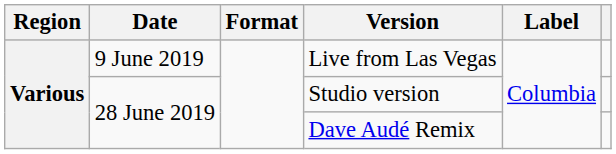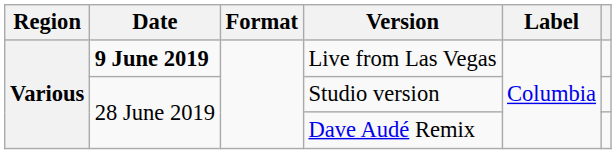 <table class="wikitable plainrowheaders">
 <tr>
 <th scope="col">Region</th>
 <th scope="col">Date</th>
 <th scope="col">Format</th>
 <th Scope="col">Version</th>
 <th scope="col">Label</th>
 <th scope="col"></th>
 </tr>
 <tr>
 <th scope="row" rowspan="3">Various</th>
-<td>9 June 2019</td>
+<td><strong>9 June 2019</strong></td>
 <td rowspan="3"></td>
 <td>Live from Las Vegas</td>
 <td rowspan="3"><a href='#'>Columbia</a></td>
 <td></td>
 </tr>
 <tr>
 <td rowspan="2">28 June 2019</td>
 <td>Studio version</td>
 <td></td>
 </tr>
 <tr>
 <td><a href='#'>Dave Audé</a> Remix</td>
 <td></td>
 </tr>
 </table>
